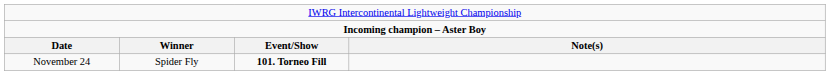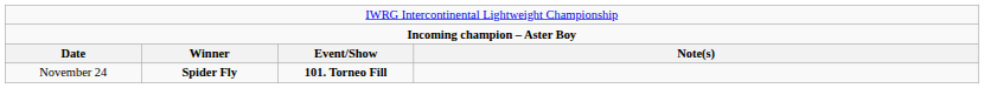 <table class="wikitable" style="text-align:center; width:100%;">
 <tr>
 <td colspan="4" style="text-align: center;"><a href='#'>IWRG Intercontinental Lightweight Championship</a></td>
 </tr>
 <tr>
 <td colspan="4" style="text-align: center;"><strong>Incoming champion – Aster Boy</strong></td>
 </tr>
 <tr>
 <th width=14%>Date</th>
 <th width=14%>Winner</th>
 <th width=14%>Event/Show</th>
 <th width=58%>Note(s)</th>
 </tr>
 <tr>
 <td>November 24</td>
-<td>Spider Fly</td>
+<td><strong>Spider Fly</strong></td>
 <td><strong>101. Torneo Fill</strong></td>
 <td></td>
 </tr>
 </table>
